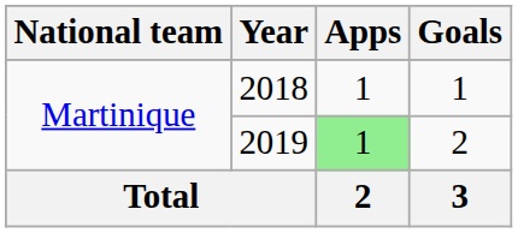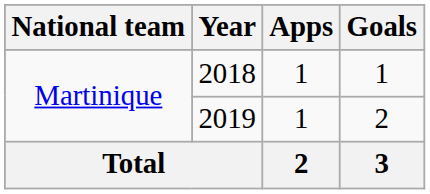 <table class="wikitable" style="text-align:center">
 <tr>
 <th>National team</th>
 <th>Year</th>
 <th>Apps</th>
 <th>Goals</th>
 </tr>
 <tr>
 <td rowspan="2"><a href='#'>Martinique</a></td>
 <td>2018</td>
 <td>1</td>
 <td>1</td>
 </tr>
 <tr>
 <td>2019</td>
-<td style="background: lightgreen;">1</td>
+<td>1</td>
 <td>2</td>
 </tr>
 <tr>
 <th colspan="2">Total</th>
 <th>2</th>
 <th>3</th>
 </tr>
 </table>
